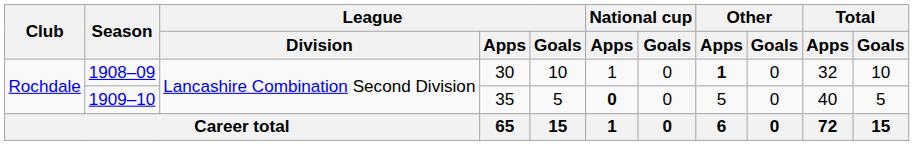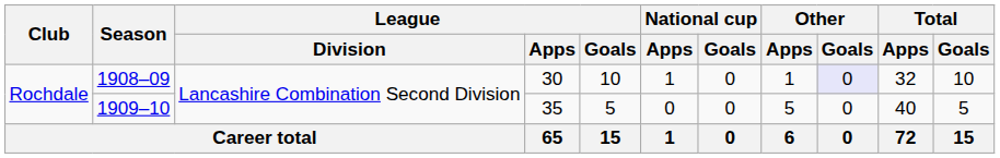 <table class="wikitable" style="text-align:center">
 <tr>
 <th rowspan="2">Club</th>
 <th rowspan="2">Season</th>
 <th colspan="3">League</th>
 <th colspan="2">National cup</th>
 <th colspan="2">Other</th>
 <th colspan="2">Total</th>
 </tr>
 <tr>
 <th>Division</th>
 <th>Apps</th>
 <th>Goals</th>
 <th>Apps</th>
 <th>Goals</th>
 <th>Apps</th>
 <th>Goals</th>
 <th>Apps</th>
 <th>Goals</th>
 </tr>
 <tr>
 <td rowspan="2"><a href='#'>Rochdale</a></td>
 <td><a href='#'>1908–09</a></td>
 <td rowspan="2"><a href='#'>Lancashire Combination</a> Second Division</td>
 <td>30</td>
 <td>10</td>
 <td>1</td>
 <td>0</td>
-<td><strong>1</strong></td>
-<td>0</td>
+<td>1</td>
+<td style="background: lavender;">0</td>
 <td>32</td>
 <td>10</td>
 </tr>
 <tr>
 <td><a href='#'>1909–10</a></td>
 <td>35</td>
 <td>5</td>
-<td><strong>0</strong></td>
+<td>0</td>
 <td>0</td>
 <td>5</td>
 <td>0</td>
 <td>40</td>
 <td>5</td>
 </tr>
 <tr>
 <th colspan="3">Career total</th>
 <th>65</th>
 <th>15</th>
 <th>1</th>
 <th>0</th>
 <th>6</th>
 <th>0</th>
 <th>72</th>
 <th>15</th>
 </tr>
 </table>
